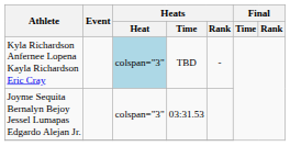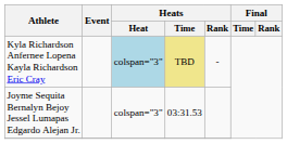 <table class="wikitable" style="font-size:90%; text-align:center">
 <tr>
 <th rowspan="2">Athlete</th>
 <th rowspan="2">Event</th>
 <th colspan="3">Heats</th>
 <th colspan="2">Final</th>
 </tr>
 <tr style="font-size:95%">
 <th>Heat</th>
 <th>Time</th>
 <th>Rank</th>
 <th>Time</th>
 <th>Rank</th>
 </tr>
 <tr align="center">
 <td align=left>Kyla Richardson<br>Anfernee Lopena<br>Kayla Richardson<br><a href='#'>Eric Cray</a></td>
 <td></td>
 <td style="background: lightblue;">colspan="3" </td>
-<td>TBD</td>
+<td style="background: khaki;">TBD</td>
 <td>-</td>
 </tr>
 <tr align="center">
 <td align=left>Joyme Sequita<br>Bernalyn Bejoy<br>Jessel Lumapas<br>Edgardo Alejan Jr.<br></td>
 <td></td>
 <td>colspan="3" </td>
 <td>03:31.53</td>
 <td></td>
 </tr>
 <tr>
 </tr>
 </table>
